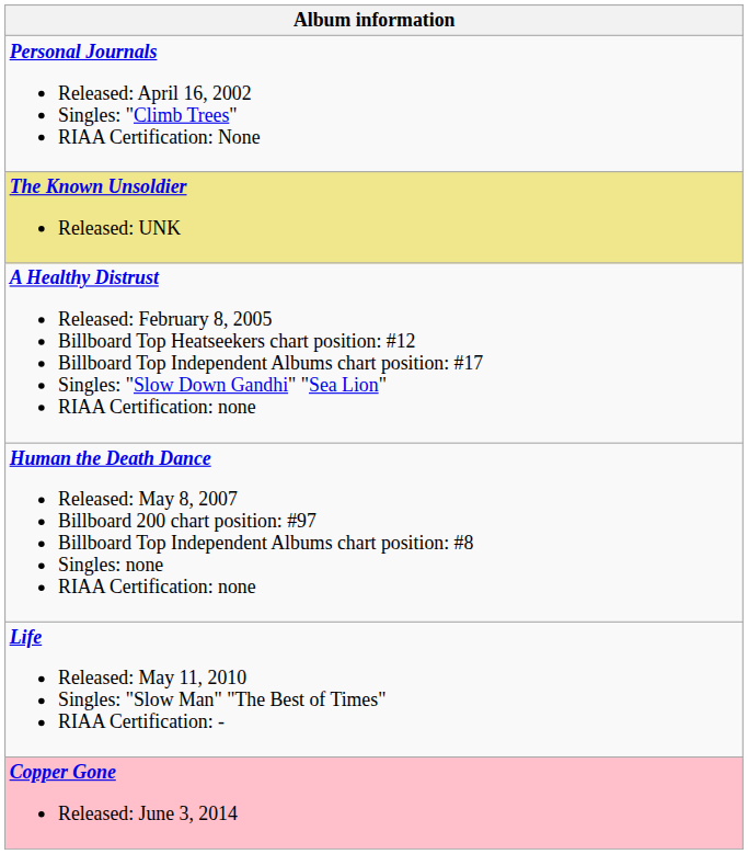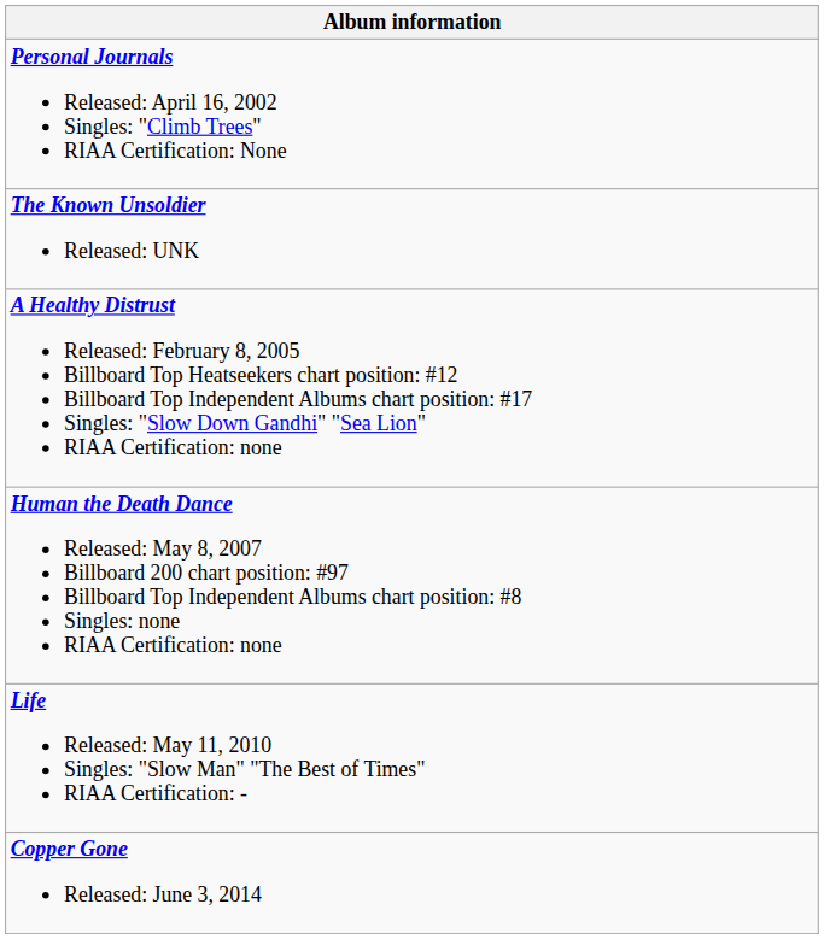 <table class="wikitable">
 <tr>
 <th align="left" width="600">Album information</th>
 </tr>
 <tr>
 <td align="left"><strong><em><a href='#'>Personal Journals</a></em></strong><br><ul><li>Released: April 16, 2002</li><li>Singles: "<a href='#'>Climb Trees</a>"</li><li>RIAA Certification: None</li></ul></td>
 </tr>
 <tr>
-<td align="left" style="background: khaki;"><strong><em><a href='#'>The Known Unsoldier</a></em></strong><br><ul><li>Released: UNK</li></ul></td>
+<td align="left"><strong><em><a href='#'>The Known Unsoldier</a></em></strong><br><ul><li>Released: UNK</li></ul></td>
 </tr>
 <tr>
 <td align="left"><strong><em><a href='#'>A Healthy Distrust</a></em></strong><br><ul><li>Released: February 8, 2005</li><li>Billboard Top Heatseekers chart position: #12</li><li>Billboard Top Independent Albums chart position: #17</li><li>Singles: "<a href='#'>Slow Down Gandhi</a>" "<a href='#'>Sea Lion</a>"</li><li>RIAA Certification: none</li></ul></td>
 </tr>
 <tr>
 <td align="left"><strong><em><a href='#'>Human the Death Dance</a></em></strong><br><ul><li>Released: May 8, 2007</li><li>Billboard 200 chart position: #97</li><li>Billboard Top Independent Albums chart position: #8</li><li>Singles: none</li><li>RIAA Certification: none</li></ul></td>
 </tr>
 <tr>
 <td align="left"><strong><em><a href='#'>Life</a></em></strong><br><ul><li>Released: May 11, 2010</li><li>Singles: "Slow Man" "The Best of Times"</li><li>RIAA Certification: -</li></ul></td>
 </tr>
 <tr>
-<td align="left" style="background: pink;"><strong><em><a href='#'>Copper Gone</a></em></strong><br><ul><li>Released: June 3, 2014</li></ul></td>
+<td align="left"><strong><em><a href='#'>Copper Gone</a></em></strong><br><ul><li>Released: June 3, 2014</li></ul></td>
 </tr>
 <tr>
 </tr>
 </table>
